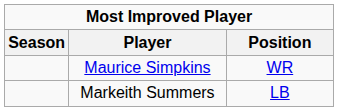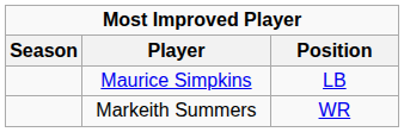 <table class="wikitable sortable" style="text-align:center">
 <tr>
 <td colspan="4"><strong>Most Improved Player</strong></td>
 </tr>
 <tr>
 <th style="width:50px; ">Season</th>
 <th style="width:150px; ">Player</th>
 <th style="width:100px; ">Position</th>
 </tr>
 <tr>
 <td></td>
 <td><a href='#'>Maurice Simpkins</a></td>
-<td><a href='#'>WR</a></td>
+<td><a href='#'>LB</a></td>
 </tr>
 <tr>
 <td></td>
 <td>Markeith Summers</td>
-<td><a href='#'>LB</a></td>
+<td><a href='#'>WR</a></td>
 </tr>
 </table>
